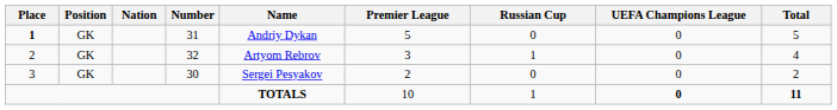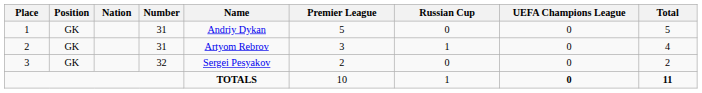 <table class="wikitable" style="font-size: 95%; text-align: center;">
 <tr>
 <th width=60>Place</th>
 <th width=60>Position</th>
 <th width=60>Nation</th>
 <th width=60>Number</th>
 <th width=150>Name</th>
 <th width=150>Premier League</th>
 <th width=150>Russian Cup</th>
 <th width=200>UEFA Champions League</th>
 <th width=80>Total</th>
 </tr>
 <tr>
-<td><strong>1</strong></td>
+<td>1</td>
 <td>GK</td>
 <td></td>
 <td>31</td>
 <td><a href='#'>Andriy Dykan</a></td>
 <td>5</td>
 <td>0</td>
 <td>0</td>
 <td>5</td>
 </tr>
 <tr>
 <td>2</td>
 <td>GK</td>
 <td></td>
-<td>32</td>
+<td>31</td>
 <td><a href='#'>Artyom Rebrov</a></td>
 <td>3</td>
 <td>1</td>
 <td>0</td>
 <td>4</td>
 </tr>
 <tr>
 <td>3</td>
 <td>GK</td>
 <td></td>
-<td>30</td>
+<td>32</td>
 <td><a href='#'>Sergei Pesyakov</a></td>
 <td>2</td>
 <td>0</td>
 <td>0</td>
 <td>2</td>
 </tr>
 <tr>
 <td colspan="4"></td>
 <td><strong>TOTALS</strong></td>
 <td>10</td>
 <td>1</td>
 <td><strong>0</strong></td>
 <td><strong>11</strong></td>
 </tr>
 </table>
